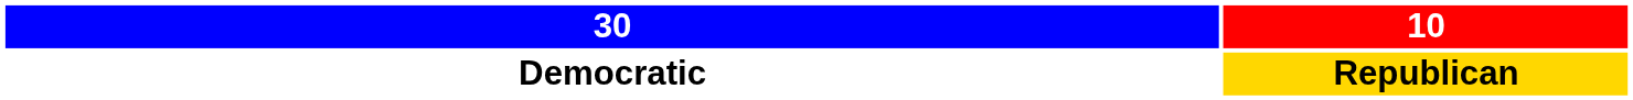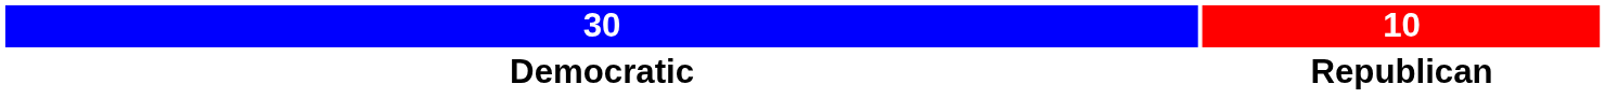 <table style="width:60%; text-align:center;">
 <tr style="color:white;">
 <td style="background:blue; width:75.0%;"><strong>30</strong></td>
 <td style="background:red; width:25.0%;"><strong>10</strong></td>
 </tr>
 <tr>
 <td><span><strong>Democratic</strong></span></td>
-<td style="background: gold;"><span><strong>Republican</strong></span></td>
+<td><span><strong>Republican</strong></span></td>
 </tr>
 </table>
